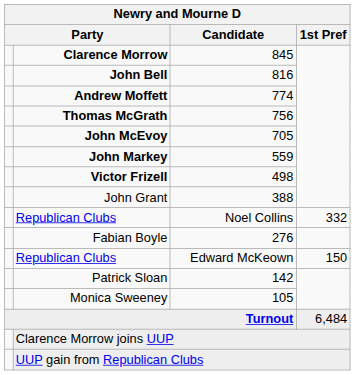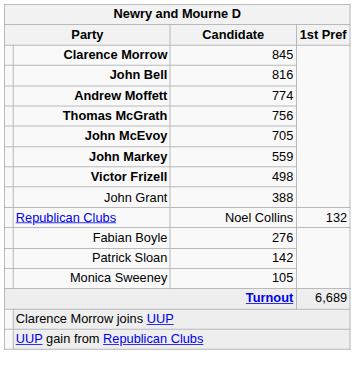 <table class="wikitable">
 <tr>
 <th colspan="4" align="center">Newry and Mourne D</th>
 </tr>
 <tr>
 <th colspan="2" align="center" width=200>Party</th>
 <th width=150>Candidate</th>
 <th width=60>1st Pref</th>
 </tr>
 <tr>
 <td></td>
 <td align="right"><strong>Clarence Morrow</strong></td>
 <td align="right">845</td>
 </tr>
 <tr>
 <td></td>
 <td align="right"><strong>John Bell</strong></td>
 <td align="right">816</td>
 </tr>
 <tr>
 <td></td>
 <td align="right"><strong>Andrew Moffett</strong></td>
 <td align="right">774</td>
 </tr>
 <tr>
 <td></td>
 <td align="right"><strong>Thomas McGrath</strong></td>
 <td align="right">756</td>
 </tr>
 <tr>
 <td></td>
 <td align="right"><strong>John McEvoy</strong></td>
 <td align="right">705</td>
 </tr>
 <tr>
 <td></td>
 <td align="right"><strong>John Markey</strong></td>
 <td align="right">559</td>
 </tr>
 <tr>
 <td></td>
 <td align="right"><strong>Victor Frizell</strong></td>
 <td align="right">498</td>
 </tr>
 <tr>
 <td></td>
 <td align="right">John Grant</td>
 <td align="right">388</td>
 </tr>
 <tr>
 <td style="background-color: "></td>
 <td><a href='#'>Republican Clubs</a></td>
 <td align="right">Noel Collins</td>
-<td align="right">332</td>
+<td align="right">132</td>
 </tr>
 <tr>
 <td></td>
 <td align="right">Fabian Boyle</td>
 <td align="right">276</td>
-</tr>
-<tr>
-<td style="background-color: "></td>
-<td><a href='#'>Republican Clubs</a></td>
-<td align="right">Edward McKeown</td>
-<td align="right">150</td>
 </tr>
 <tr>
 <td></td>
 <td align="right">Patrick Sloan</td>
 <td align="right">142</td>
 </tr>
 <tr>
 <td></td>
 <td align="right">Monica Sweeney</td>
 <td align="right">105</td>
 </tr>
 <tr bgcolor="EEEEEE">
 <td colspan=3 align="right"><strong><a href='#'>Turnout</a></strong></td>
-<td align="right">6,484</td>
+<td align="right">6,689</td>
 </tr>
 <tr>
 <td bgcolor=></td>
 <td colspan=3 bgcolor="EEEEEE">Clarence Morrow joins <a href='#'>UUP</a></td>
 </tr>
 <tr>
 <td bgcolor=></td>
 <td colspan=3 bgcolor="EEEEEE"><a href='#'>UUP</a> gain from <a href='#'>Republican Clubs</a></td>
 </tr>
 </table>
